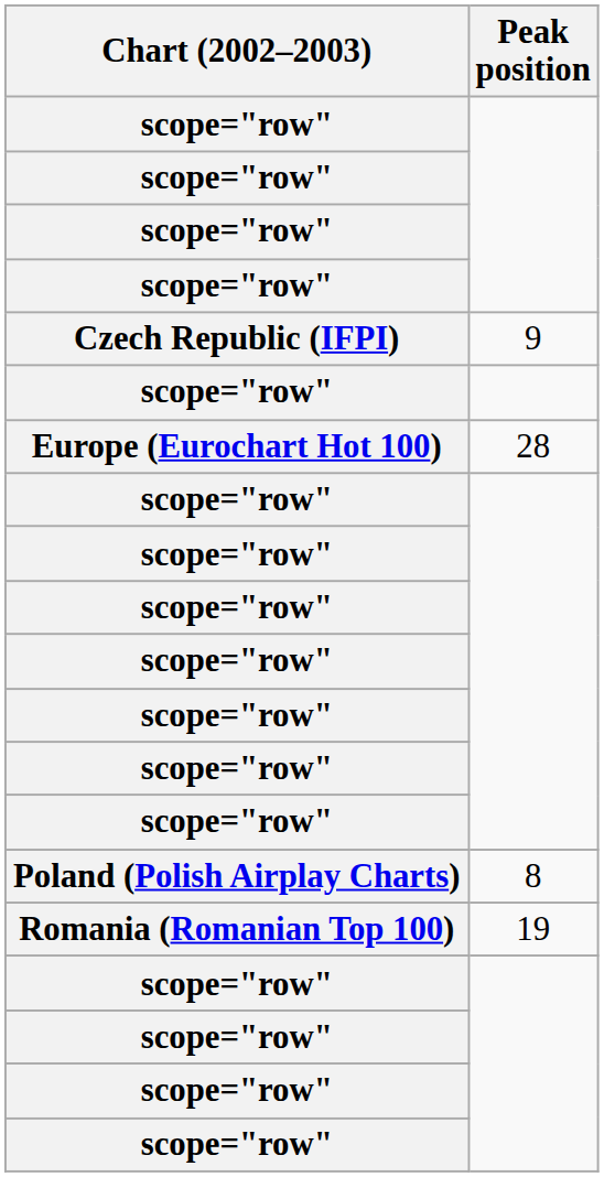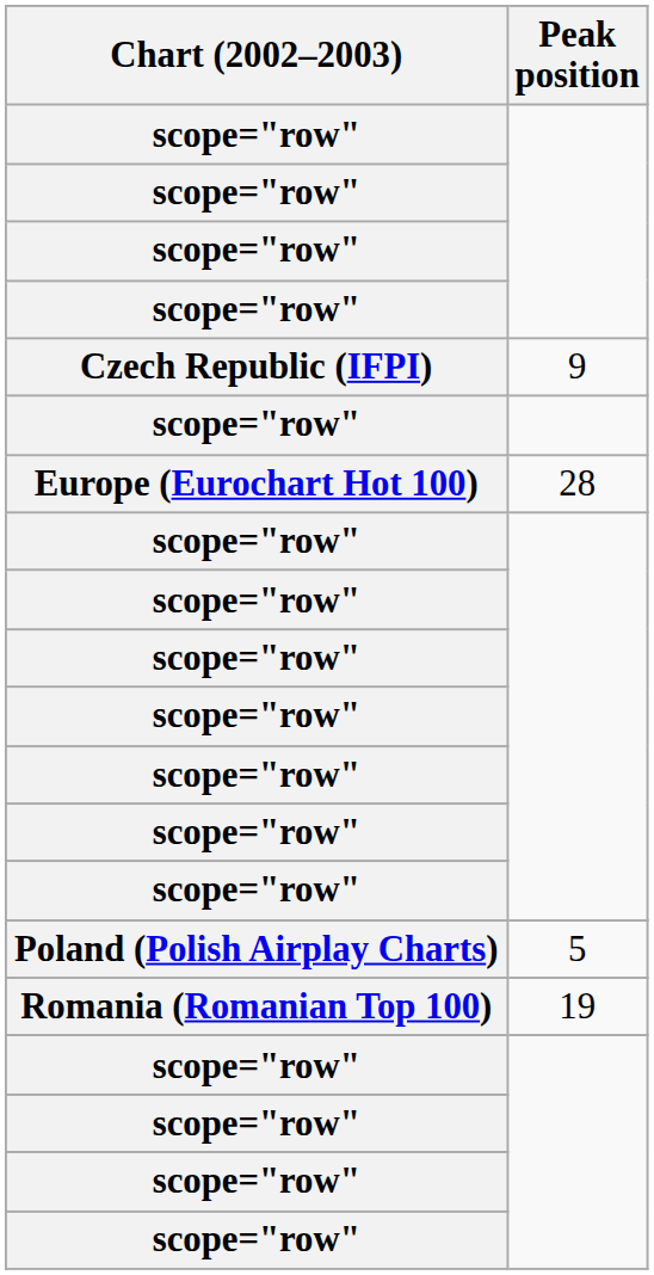 <table class="wikitable sortable plainrowheaders" style="text-align:center">
 <tr>
 <th scope="col">Chart (2002–2003)</th>
 <th scope="col">Peak<br>position</th>
 </tr>
 <tr>
 <th>scope="row"</th>
 </tr>
 <tr>
 <th>scope="row"</th>
 </tr>
 <tr>
 <th>scope="row"</th>
 </tr>
 <tr>
 <th>scope="row"</th>
 </tr>
 <tr>
 <th scope="row">Czech Republic (<a href='#'>IFPI</a>)</th>
 <td>9</td>
 </tr>
 <tr>
 <th>scope="row"</th>
 </tr>
 <tr>
 <th scope="row">Europe (<a href='#'>Eurochart Hot 100</a>)</th>
 <td>28</td>
 </tr>
 <tr>
 <th>scope="row"</th>
 </tr>
 <tr>
 <th>scope="row"</th>
 </tr>
 <tr>
 <th>scope="row"</th>
 </tr>
 <tr>
 <th>scope="row"</th>
 </tr>
 <tr>
 <th>scope="row"</th>
 </tr>
 <tr>
 <th>scope="row"</th>
 </tr>
 <tr>
 <th>scope="row"</th>
 </tr>
 <tr>
 <th scope="row">Poland (<a href='#'>Polish Airplay Charts</a>)</th>
-<td>8</td>
+<td>5</td>
 </tr>
 <tr>
 <th scope="row">Romania (<a href='#'>Romanian Top 100</a>)</th>
 <td>19</td>
 </tr>
 <tr>
 <th>scope="row"</th>
 </tr>
 <tr>
 <th>scope="row"</th>
 </tr>
 <tr>
 <th>scope="row"</th>
 </tr>
 <tr>
 <th>scope="row"</th>
 </tr>
 </table>
